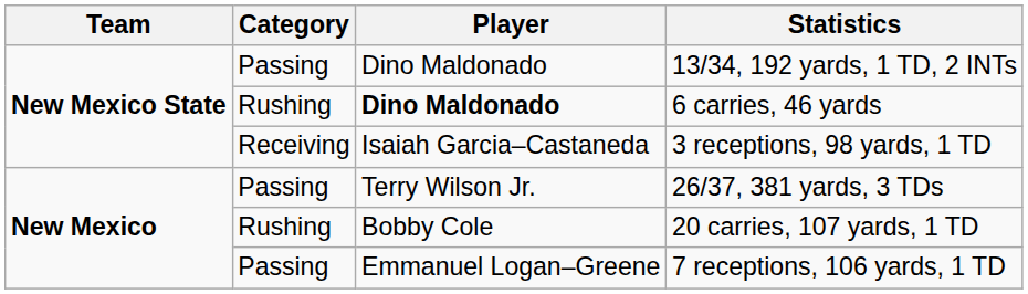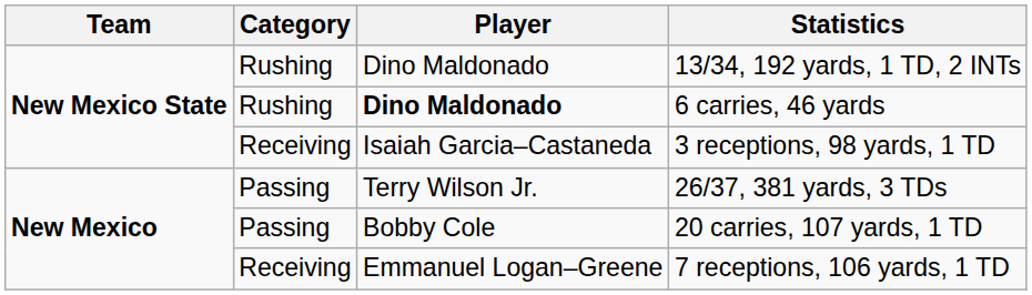 <table class="wikitable" style="float: left;">
 <tr>
 <th>Team</th>
 <th>Category</th>
 <th>Player</th>
 <th>Statistics</th>
 </tr>
 <tr>
 <td rowspan=3><strong>New Mexico State</strong></td>
-<td>Passing</td>
+<td>Rushing</td>
 <td>Dino Maldonado</td>
 <td>13/34, 192 yards, 1 TD, 2 INTs</td>
 </tr>
 <tr>
 <td>Rushing</td>
 <td><strong>Dino Maldonado</strong></td>
 <td>6 carries, 46 yards</td>
 </tr>
 <tr>
 <td>Receiving</td>
 <td>Isaiah Garcia–Castaneda</td>
 <td>3 receptions, 98 yards, 1 TD</td>
 </tr>
 <tr>
 <td rowspan=3><strong>New Mexico</strong></td>
 <td>Passing</td>
 <td>Terry Wilson Jr.</td>
 <td>26/37, 381 yards, 3 TDs</td>
 </tr>
 <tr>
-<td>Rushing</td>
+<td>Passing</td>
 <td>Bobby Cole</td>
 <td>20 carries, 107 yards, 1 TD</td>
 </tr>
 <tr>
-<td>Passing</td>
+<td>Receiving</td>
 <td>Emmanuel Logan–Greene</td>
 <td>7 receptions, 106 yards, 1 TD</td>
 </tr>
 </table>
